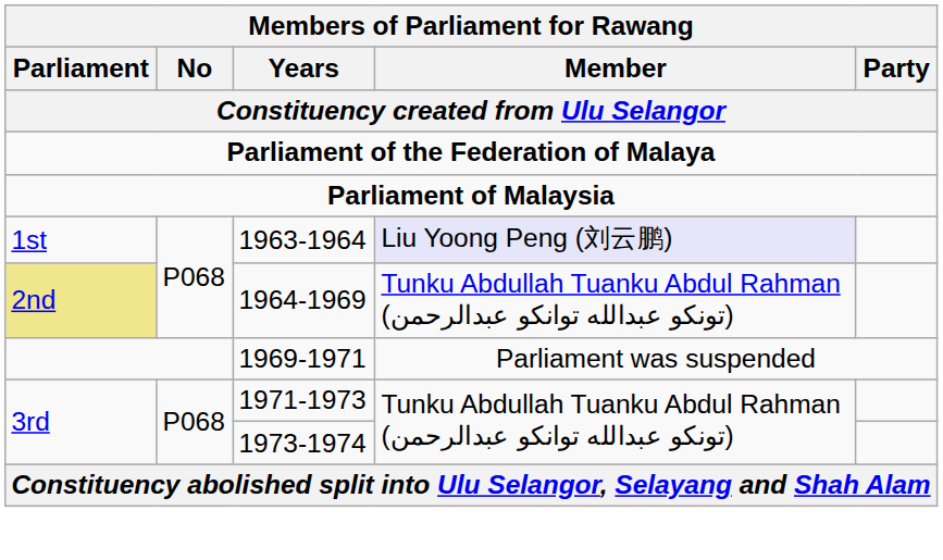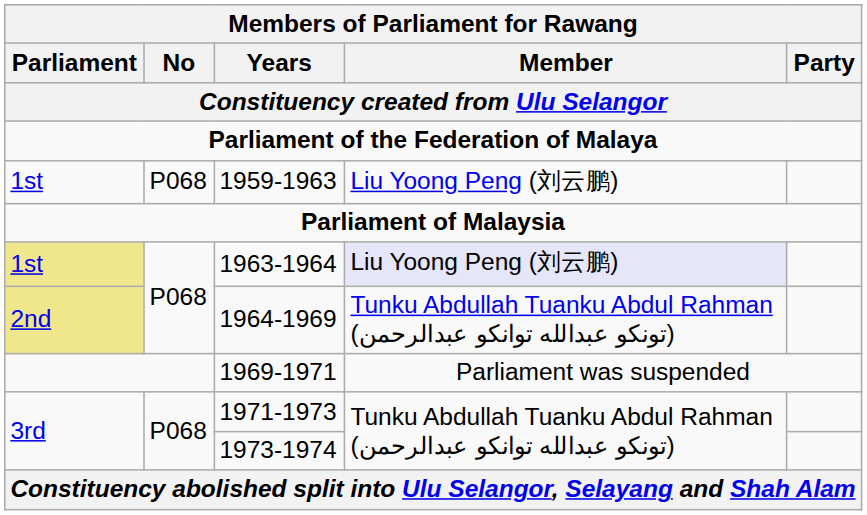 <table class=wikitable>
 <tr>
 <th colspan="5">Members of Parliament for Rawang</th>
 </tr>
 <tr>
 <th>Parliament</th>
 <th>No</th>
 <th>Years</th>
 <th>Member</th>
 <th>Party</th>
 </tr>
 <tr>
 <th colspan="5" align="center"><em>Constituency created from <a href='#'>Ulu Selangor</a></em></th>
 </tr>
 <tr>
 <td colspan="5" align="center"><strong>Parliament of the Federation of Malaya</strong></td>
 </tr>
 <tr>
+<td><a href='#'>1st</a></td>
+<td>P068</td>
+<td>1959-1963</td>
+<td><a href='#'>Liu Yoong Peng</a> (刘云鹏)</td>
+<td></td>
+</tr>
+<tr>
 <td colspan="5" align="center"><strong>Parliament of Malaysia</strong></td>
 </tr>
 <tr>
-<td><a href='#'>1st</a></td>
+<td style="background: khaki;"><a href='#'>1st</a></td>
 <td rowspan="2">P068</td>
 <td>1963-1964</td>
 <td style="background: lavender;">Liu Yoong Peng (刘云鹏)</td>
 <td></td>
 </tr>
 <tr>
 <td style="background: khaki;"><a href='#'>2nd</a></td>
 <td>1964-1969</td>
 <td><a href='#'>Tunku Abdullah Tuanku Abdul Rahman</a>  <br>(تونكو عبدالله توانكو عبدالرحمن)</td>
 <td></td>
 </tr>
 <tr>
 <td colspan="2"></td>
 <td>1969-1971</td>
 <td colspan=2 align=center>Parliament was suspended</td>
 </tr>
 <tr>
 <td rowspan=2><a href='#'>3rd</a></td>
 <td rowspan="2">P068</td>
 <td>1971-1973</td>
 <td rowspan=2>Tunku Abdullah Tuanku Abdul Rahman  <br>(تونكو عبدالله توانكو عبدالرحمن)</td>
 <td></td>
 </tr>
 <tr>
 <td>1973-1974</td>
 <td></td>
 </tr>
 <tr>
 <th colspan="5" align="center"><em>Constituency abolished split into <a href='#'>Ulu Selangor</a>, <a href='#'>Selayang</a> and <a href='#'>Shah Alam</a></em></th>
 </tr>
 </table>
